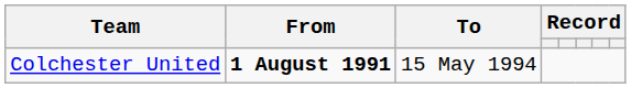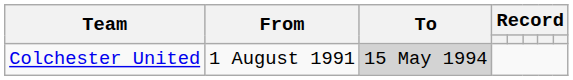 <table class="wikitable" style="text-align: center">
 <tr>
 <th rowspan="2">Team</th>
 <th rowspan="2">From</th>
 <th rowspan="2">To</th>
 <th colspan="5">Record</th>
 </tr>
 <tr>
 <th></th>
 <th></th>
 <th></th>
 <th></th>
 <th></th>
 </tr>
 <tr>
 <td align=left><a href='#'>Colchester United</a></td>
-<td align=left><strong>1 August 1991</strong></td>
-<td align=left>15 May 1994<br></td>
+<td align=left>1 August 1991</td>
+<td align=left style="background: lightgrey;">15 May 1994<br></td>
 </tr>
 </table>
